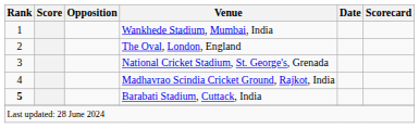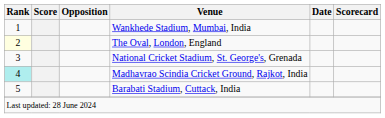 <table class="wikitable plainrowheaders sortable">
 <tr>
 <th scope=col>Rank</th>
 <th scope=col>Score</th>
 <th scope=col>Opposition</th>
 <th scope=col>Venue</th>
 <th scope=col>Date</th>
 <th scope=col>Scorecard</th>
 </tr>
 <tr>
 <td align=center>1</td>
 <th scope=row style=text-align:center;></th>
 <td></td>
 <td><a href='#'>Wankhede Stadium</a>, <a href='#'>Mumbai</a>, India</td>
 <td></td>
 <td></td>
 </tr>
 <tr>
-<td align=center>2</td>
+<td align=center style="background: lightyellow;">2</td>
 <th scope=row style=text-align:center;></th>
 <td></td>
 <td><a href='#'>The Oval</a>, <a href='#'>London</a>, England</td>
 <td></td>
 <td></td>
 </tr>
 <tr>
 <td align=center>3</td>
 <th scope=row style=text-align:center;></th>
 <td></td>
 <td><a href='#'>National Cricket Stadium</a>, <a href='#'>St. George's</a>, Grenada</td>
 <td></td>
 <td></td>
 </tr>
 <tr>
-<td align=center>4</td>
+<td align=center style="background: paleturquoise;">4</td>
 <th scope=row style=text-align:center;></th>
 <td></td>
 <td><a href='#'>Madhavrao Scindia Cricket Ground</a>, <a href='#'>Rajkot</a>, India</td>
 <td></td>
 <td></td>
 </tr>
 <tr>
-<td align=center><strong>5</strong></td>
+<td align=center>5</td>
 <th scope=row style=text-align:center;></th>
 <td></td>
 <td><a href='#'>Barabati Stadium</a>, <a href='#'>Cuttack</a>, India</td>
 <td></td>
 <td></td>
 </tr>
 <tr>
 </tr>
 <tr class=sortbottom>
 <td colspan=6><small>Last updated: 28 June 2024</small></td>
 </tr>
 </table>
